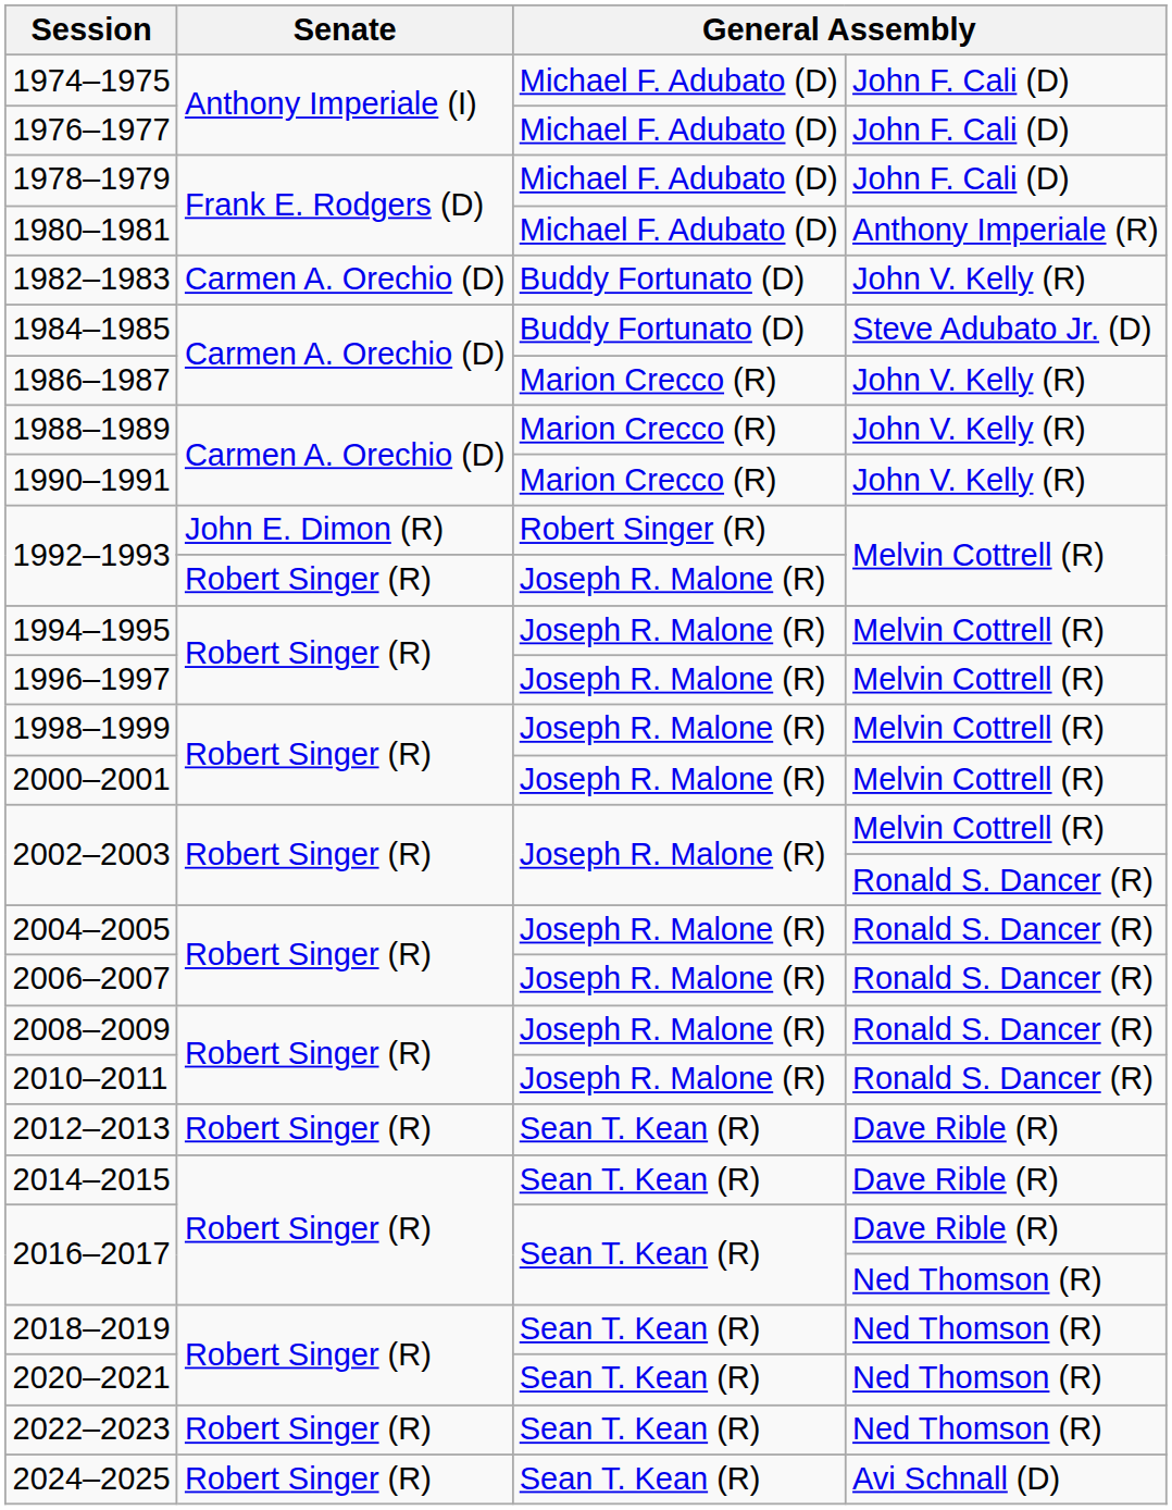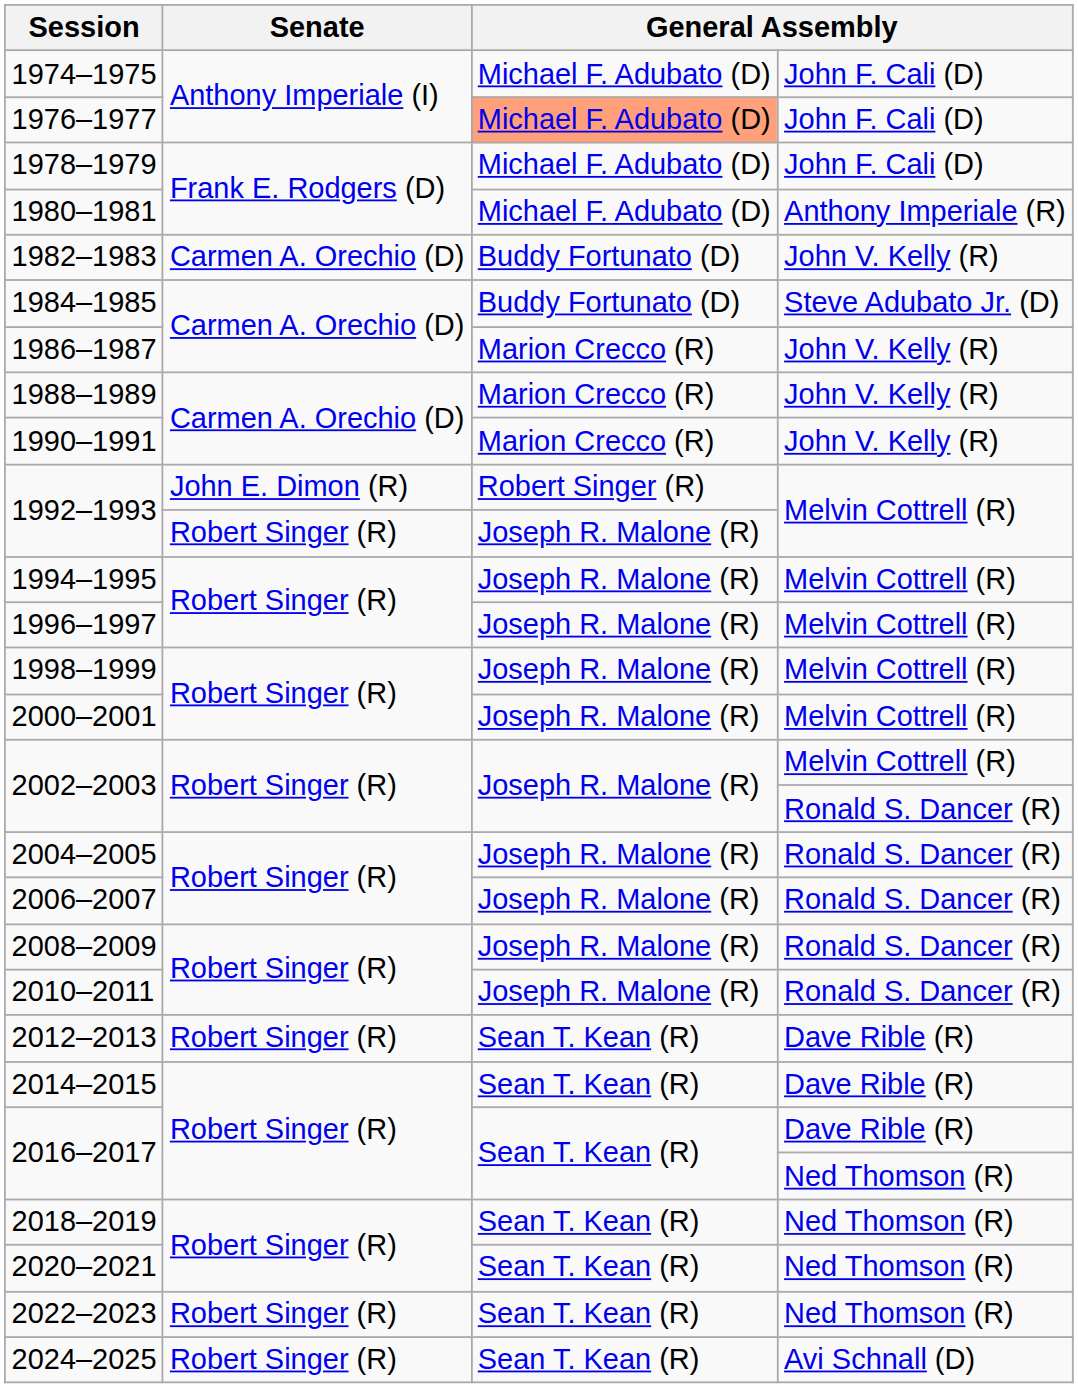 <table class="wikitable">
 <tr>
 <th>Session</th>
 <th>Senate</th>
 <th colspan=2>General Assembly</th>
 </tr>
 <tr>
 <td>1974–1975</td>
 <td rowspan=2 ><a href='#'>Anthony Imperiale</a> (I)</td>
 <td><a href='#'>Michael F. Adubato</a> (D)</td>
 <td><a href='#'>John F. Cali</a> (D)</td>
 </tr>
 <tr>
 <td>1976–1977</td>
-<td><a href='#'>Michael F. Adubato</a> (D)</td>
+<td style="background: lightsalmon;"><a href='#'>Michael F. Adubato</a> (D)</td>
 <td><a href='#'>John F. Cali</a> (D)</td>
 </tr>
 <tr>
 <td>1978–1979</td>
 <td rowspan=2 ><a href='#'>Frank E. Rodgers</a> (D)</td>
 <td><a href='#'>Michael F. Adubato</a> (D)</td>
 <td><a href='#'>John F. Cali</a> (D)</td>
 </tr>
 <tr>
 <td>1980–1981</td>
 <td><a href='#'>Michael F. Adubato</a> (D)</td>
 <td><a href='#'>Anthony Imperiale</a> (R)</td>
 </tr>
 <tr>
 <td>1982–1983</td>
 <td><a href='#'>Carmen A. Orechio</a> (D)</td>
 <td><a href='#'>Buddy Fortunato</a> (D)</td>
 <td><a href='#'>John V. Kelly</a> (R)</td>
 </tr>
 <tr>
 <td>1984–1985</td>
 <td rowspan=2 ><a href='#'>Carmen A. Orechio</a> (D)</td>
 <td><a href='#'>Buddy Fortunato</a> (D)</td>
 <td><a href='#'>Steve Adubato Jr.</a> (D)</td>
 </tr>
 <tr>
 <td>1986–1987</td>
 <td><a href='#'>Marion Crecco</a> (R)</td>
 <td><a href='#'>John V. Kelly</a> (R)</td>
 </tr>
 <tr>
 <td>1988–1989</td>
 <td rowspan=2 ><a href='#'>Carmen A. Orechio</a> (D)</td>
 <td><a href='#'>Marion Crecco</a> (R)</td>
 <td><a href='#'>John V. Kelly</a> (R)</td>
 </tr>
 <tr>
 <td>1990–1991</td>
 <td><a href='#'>Marion Crecco</a> (R)</td>
 <td><a href='#'>John V. Kelly</a> (R)</td>
 </tr>
 <tr>
 <td rowspan=2>1992–1993</td>
 <td><a href='#'>John E. Dimon</a> (R)</td>
 <td><a href='#'>Robert Singer</a> (R)</td>
 <td rowspan=2 ><a href='#'>Melvin Cottrell</a> (R)</td>
 </tr>
 <tr>
 <td><a href='#'>Robert Singer</a> (R)</td>
 <td><a href='#'>Joseph R. Malone</a> (R)</td>
 </tr>
 <tr>
 <td>1994–1995</td>
 <td rowspan=2 ><a href='#'>Robert Singer</a> (R)</td>
 <td><a href='#'>Joseph R. Malone</a> (R)</td>
 <td><a href='#'>Melvin Cottrell</a> (R)</td>
 </tr>
 <tr>
 <td>1996–1997</td>
 <td><a href='#'>Joseph R. Malone</a> (R)</td>
 <td><a href='#'>Melvin Cottrell</a> (R)</td>
 </tr>
 <tr>
 <td>1998–1999</td>
 <td rowspan=2 ><a href='#'>Robert Singer</a> (R)</td>
 <td><a href='#'>Joseph R. Malone</a> (R)</td>
 <td><a href='#'>Melvin Cottrell</a> (R)</td>
 </tr>
 <tr>
 <td>2000–2001</td>
 <td><a href='#'>Joseph R. Malone</a> (R)</td>
 <td><a href='#'>Melvin Cottrell</a> (R)</td>
 </tr>
 <tr>
 <td rowspan=2>2002–2003</td>
 <td rowspan=2 ><a href='#'>Robert Singer</a> (R)</td>
 <td rowspan=2 ><a href='#'>Joseph R. Malone</a> (R)</td>
 <td><a href='#'>Melvin Cottrell</a> (R)</td>
 </tr>
 <tr>
 <td><a href='#'>Ronald S. Dancer</a> (R)</td>
 </tr>
 <tr>
 <td>2004–2005</td>
 <td rowspan=2 ><a href='#'>Robert Singer</a> (R)</td>
 <td><a href='#'>Joseph R. Malone</a> (R)</td>
 <td><a href='#'>Ronald S. Dancer</a> (R)</td>
 </tr>
 <tr>
 <td>2006–2007</td>
 <td><a href='#'>Joseph R. Malone</a> (R)</td>
 <td><a href='#'>Ronald S. Dancer</a> (R)</td>
 </tr>
 <tr>
 <td>2008–2009</td>
 <td rowspan=2 ><a href='#'>Robert Singer</a> (R)</td>
 <td><a href='#'>Joseph R. Malone</a> (R)</td>
 <td><a href='#'>Ronald S. Dancer</a> (R)</td>
 </tr>
 <tr>
 <td>2010–2011</td>
 <td><a href='#'>Joseph R. Malone</a> (R)</td>
 <td><a href='#'>Ronald S. Dancer</a> (R)</td>
 </tr>
 <tr>
 <td>2012–2013</td>
 <td><a href='#'>Robert Singer</a> (R)</td>
 <td><a href='#'>Sean T. Kean</a> (R)</td>
 <td><a href='#'>Dave Rible</a> (R)</td>
 </tr>
 <tr>
 <td>2014–2015</td>
 <td rowspan=3 ><a href='#'>Robert Singer</a> (R)</td>
 <td><a href='#'>Sean T. Kean</a> (R)</td>
 <td><a href='#'>Dave Rible</a> (R)</td>
 </tr>
 <tr>
 <td rowspan=2>2016–2017</td>
 <td rowspan=2 ><a href='#'>Sean T. Kean</a> (R)</td>
 <td><a href='#'>Dave Rible</a> (R)</td>
 </tr>
 <tr>
 <td><a href='#'>Ned Thomson</a> (R)</td>
 </tr>
 <tr>
 <td>2018–2019</td>
 <td rowspan=2 ><a href='#'>Robert Singer</a> (R)</td>
 <td><a href='#'>Sean T. Kean</a> (R)</td>
 <td><a href='#'>Ned Thomson</a> (R)</td>
 </tr>
 <tr>
 <td>2020–2021</td>
 <td><a href='#'>Sean T. Kean</a> (R)</td>
 <td><a href='#'>Ned Thomson</a> (R)</td>
 </tr>
 <tr>
 <td>2022–2023</td>
 <td><a href='#'>Robert Singer</a> (R)</td>
 <td><a href='#'>Sean T. Kean</a> (R)</td>
 <td><a href='#'>Ned Thomson</a> (R)</td>
 </tr>
 <tr>
 <td>2024–2025</td>
 <td><a href='#'>Robert Singer</a> (R)</td>
 <td><a href='#'>Sean T. Kean</a> (R)</td>
 <td><a href='#'>Avi Schnall</a> (D)</td>
 </tr>
 </table>
